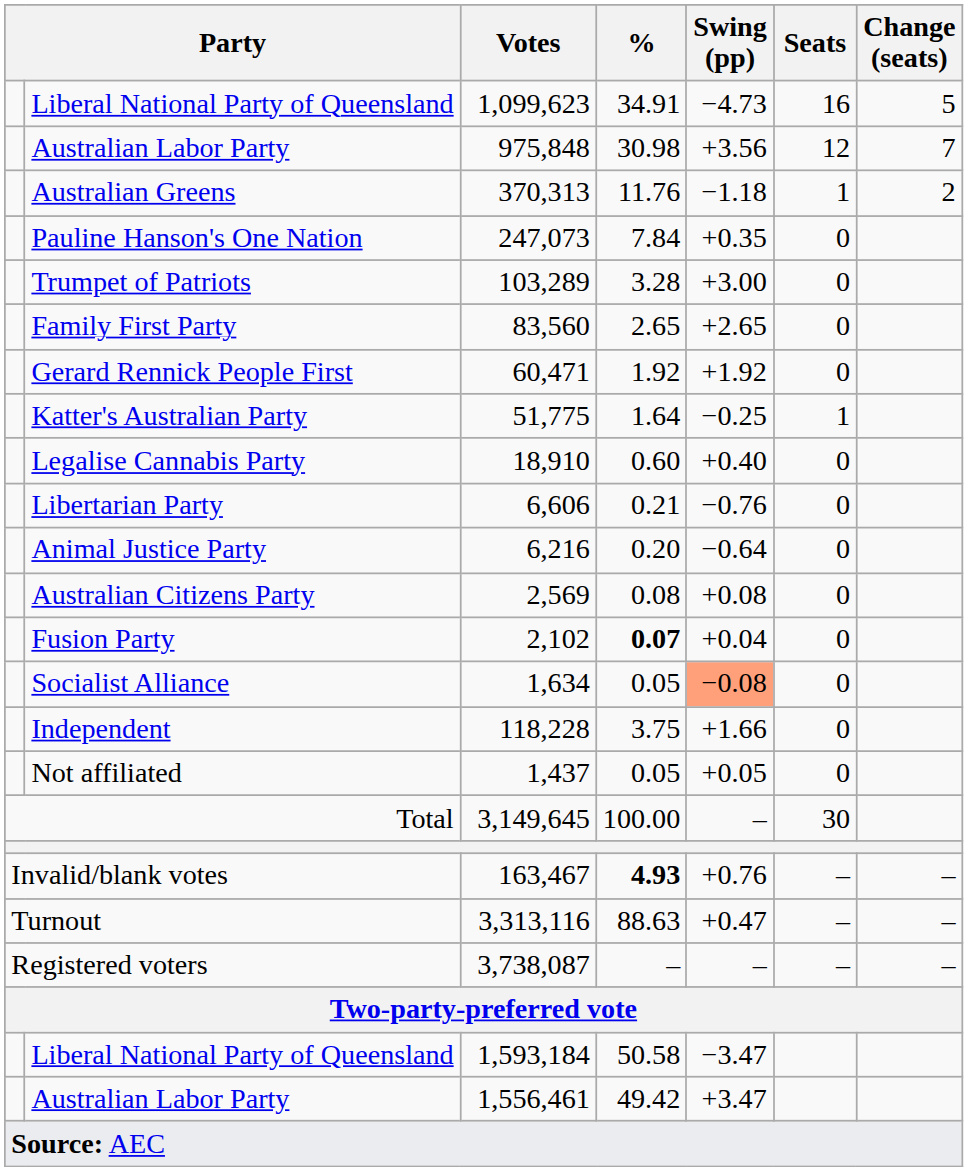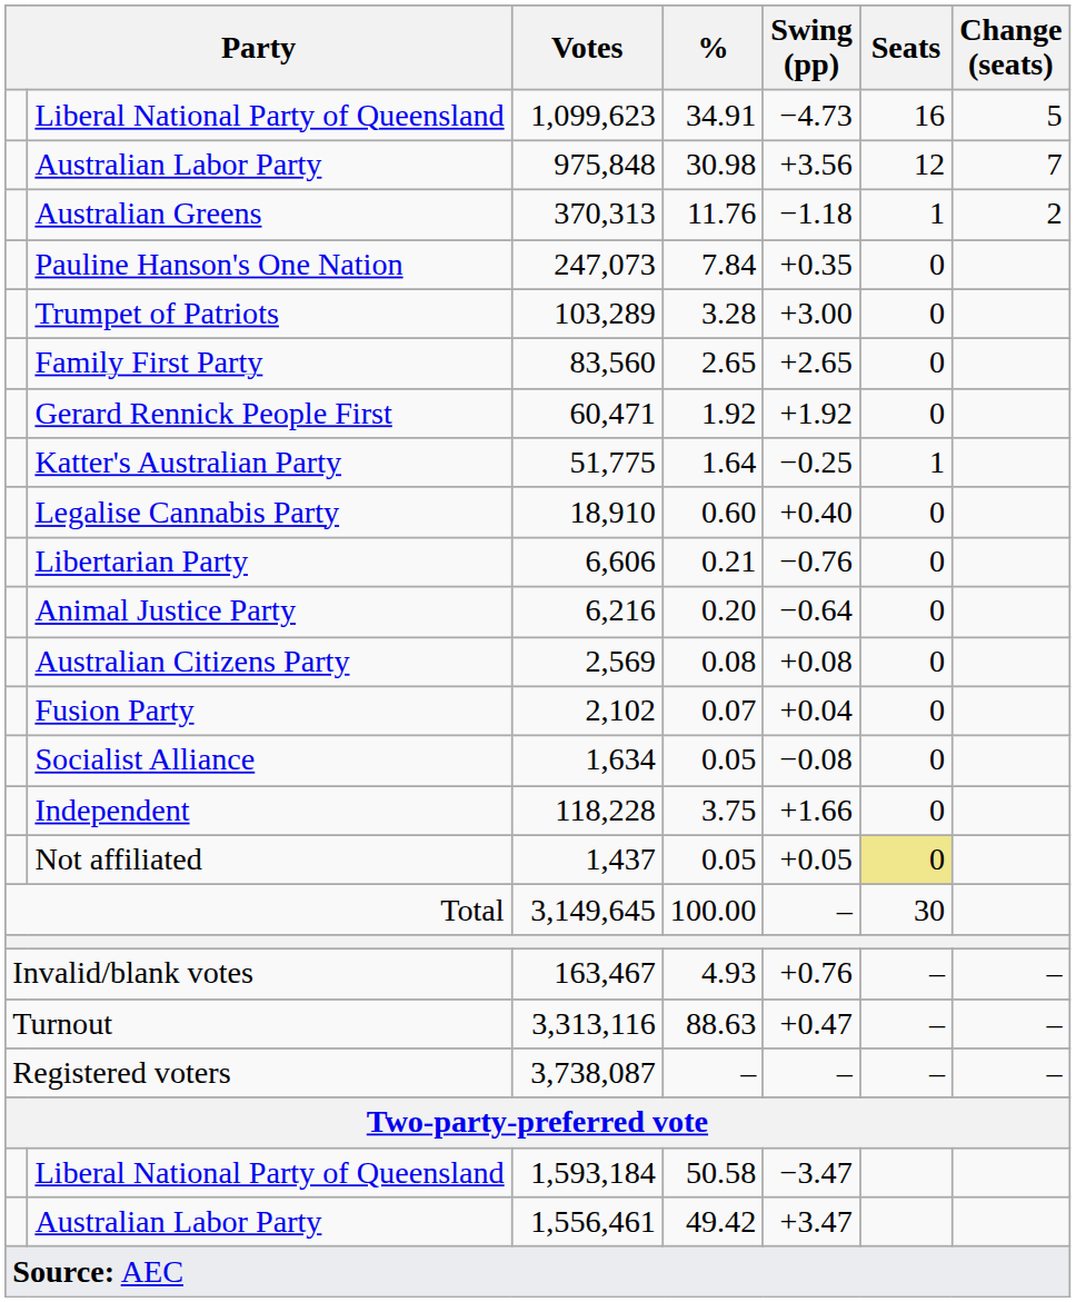 <table class="wikitable" style="text-align:right;  margin-bottom:0">
 <tr>
 <th style="width:200px" colspan=3>Party</th>
 <th style="width:70px;">Votes</th>
 <th style="width:40px;">%</th>
 <th style="width:40px;">Swing (pp)</th>
 <th style="width:40px;">Seats</th>
 <th style="width:40px;">Change (seats)</th>
 </tr>
 <tr>
 <td> </td>
 <td style="text-align:left;" colspan="2"><a href='#'>Liberal National Party of Queensland</a></td>
 <td align=right>1,099,623</td>
 <td align=right>34.91</td>
 <td align=right>−4.73</td>
 <td align=right>16</td>
 <td align=right> 5</td>
 </tr>
 <tr>
 <td> </td>
 <td style="text-align:left;" colspan="2"><a href='#'>Australian Labor Party</a></td>
 <td align=right>975,848</td>
 <td align=right>30.98</td>
 <td align=right>+3.56</td>
 <td align=right>12</td>
 <td align=right> 7</td>
 </tr>
 <tr>
 <td> </td>
 <td style="text-align:left;" colspan="2"><a href='#'>Australian Greens</a></td>
 <td align=right>370,313</td>
 <td align=right>11.76</td>
 <td align=right>−1.18</td>
 <td align=right>1</td>
 <td align=right> 2</td>
 </tr>
 <tr>
 <td> </td>
 <td style="text-align:left;" colspan="2"><a href='#'>Pauline Hanson's One Nation</a></td>
 <td align=right>247,073</td>
 <td align=right>7.84</td>
 <td align=right>+0.35</td>
 <td align=right>0</td>
 <td align=right></td>
 </tr>
 <tr>
 <td> </td>
 <td style="text-align:left;" colspan="2"><a href='#'>Trumpet of Patriots</a></td>
 <td align=right>103,289</td>
 <td align=right>3.28</td>
 <td align=right>+3.00</td>
 <td align=right>0</td>
 <td align=right></td>
 </tr>
 <tr>
 <td> </td>
 <td style="text-align:left;" colspan="2"><a href='#'>Family First Party</a></td>
 <td align=right>83,560</td>
 <td align=right>2.65</td>
 <td align=right>+2.65</td>
 <td align=right>0</td>
 <td align=right></td>
 </tr>
 <tr>
 <td> </td>
 <td style="text-align:left;" colspan="2"><a href='#'>Gerard Rennick People First</a></td>
 <td align=right>60,471</td>
 <td align=right>1.92</td>
 <td align=right>+1.92</td>
 <td align=right>0</td>
 <td align=right></td>
 </tr>
 <tr>
 <td> </td>
 <td style="text-align:left;" colspan="2"><a href='#'>Katter's Australian Party</a></td>
 <td align=right>51,775</td>
 <td align=right>1.64</td>
 <td align=right>−0.25</td>
 <td align=right>1</td>
 <td align=right></td>
 </tr>
 <tr>
 <td> </td>
 <td style="text-align:left;" colspan="2"><a href='#'>Legalise Cannabis Party</a></td>
 <td align=right>18,910</td>
 <td align=right>0.60</td>
 <td align=right>+0.40</td>
 <td align=right>0</td>
 <td align=right></td>
 </tr>
 <tr>
 <td> </td>
 <td style="text-align:left;" colspan="2"><a href='#'>Libertarian Party</a></td>
 <td align=right>6,606</td>
 <td align=right>0.21</td>
 <td align=right>−0.76</td>
 <td align=right>0</td>
 <td align=right></td>
 </tr>
 <tr>
 <td> </td>
 <td style="text-align:left;" colspan="2"><a href='#'>Animal Justice Party</a></td>
 <td align=right>6,216</td>
 <td align=right>0.20</td>
 <td align=right>−0.64</td>
 <td align=right>0</td>
 <td align=right></td>
 </tr>
 <tr>
 <td> </td>
 <td style="text-align:left;" colspan="2"><a href='#'>Australian Citizens Party</a></td>
 <td align=right>2,569</td>
 <td align=right>0.08</td>
 <td align=right>+0.08</td>
 <td align=right>0</td>
 <td align=right></td>
 </tr>
 <tr>
 <td> </td>
 <td style="text-align:left;" colspan="2"><a href='#'>Fusion Party</a></td>
 <td align=right>2,102</td>
-<td align=right><strong>0.07</strong></td>
+<td align=right>0.07</td>
 <td align=right>+0.04</td>
 <td align=right>0</td>
 <td align=right></td>
 </tr>
 <tr>
 <td> </td>
 <td style="text-align:left;" colspan="2"><a href='#'>Socialist Alliance</a></td>
 <td align=right>1,634</td>
 <td align=right>0.05</td>
-<td align=right style="background: lightsalmon;">−0.08</td>
+<td align=right>−0.08</td>
 <td align=right>0</td>
 <td align=right></td>
 </tr>
 <tr>
 <td> </td>
 <td style="text-align:left;" colspan="2"><a href='#'>Independent</a></td>
 <td align=right>118,228</td>
 <td align=right>3.75</td>
 <td align=right>+1.66</td>
 <td align=right>0</td>
 <td align=right></td>
 </tr>
 <tr>
 <td> </td>
 <td style="text-align:left;" colspan="2">Not affiliated</td>
 <td align=right>1,437</td>
 <td align=right>0.05</td>
 <td align=right>+0.05</td>
-<td align=right>0</td>
+<td align=right style="background: khaki;">0</td>
 <td align=right></td>
 </tr>
 <tr>
 <td colspan="3" align="right">Total</td>
 <td>3,149,645</td>
 <td>100.00</td>
 <td>–</td>
 <td>30</td>
 <td></td>
 </tr>
 <tr>
 <th colspan="9"></th>
 </tr>
 <tr>
 <td style="text-align:left;" colspan="3">Invalid/blank votes</td>
 <td>163,467</td>
-<td><strong>4.93</strong></td>
+<td>4.93</td>
 <td>+0.76</td>
 <td>–</td>
 <td>–</td>
 </tr>
 <tr>
 <td style="text-align:left;" colspan="3">Turnout</td>
 <td>3,313,116</td>
 <td>88.63</td>
 <td>+0.47</td>
 <td>–</td>
 <td>–</td>
 </tr>
 <tr>
 <td colspan="3" style="text-align:left;">Registered voters</td>
 <td>3,738,087</td>
 <td>–</td>
 <td>–</td>
 <td>–</td>
 <td>–</td>
 </tr>
 <tr>
 <th colspan="8"><a href='#'>Two-party-preferred vote</a></th>
 </tr>
 <tr>
 <td></td>
 <td colspan="2" style="text-align:left;"><a href='#'>Liberal National Party of Queensland</a></td>
 <td>1,593,184</td>
 <td>50.58</td>
 <td>−3.47</td>
 <td></td>
 <td></td>
 </tr>
 <tr>
 <td></td>
 <td colspan="2" style="text-align:left;"><a href='#'>Australian Labor Party</a></td>
 <td>1,556,461</td>
 <td>49.42</td>
 <td>+3.47</td>
 <td></td>
 <td></td>
 </tr>
 <tr>
 <td style="text-align:left; background-color:#eaecf0" colspan="8"><strong>Source:</strong> <a href='#'>AEC</a></td>
 </tr>
 </table>
